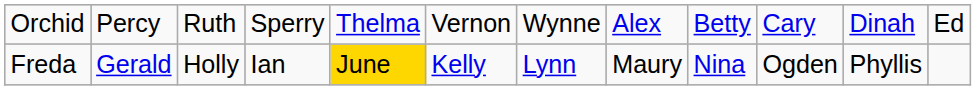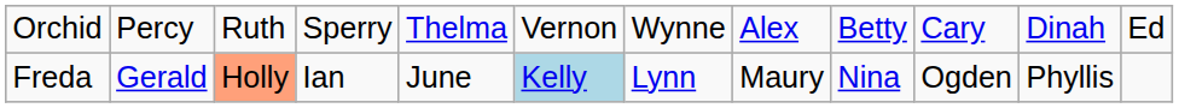 <table class="wikitable">
 <tr>
 <td>Orchid</td>
 <td>Percy</td>
 <td>Ruth</td>
 <td>Sperry</td>
 <td><a href='#'>Thelma</a></td>
 <td>Vernon</td>
 <td>Wynne</td>
 <td><a href='#'>Alex</a></td>
 <td><a href='#'>Betty</a></td>
 <td><a href='#'>Cary</a></td>
 <td><a href='#'>Dinah</a></td>
 <td>Ed</td>
 </tr>
 <tr>
 <td>Freda</td>
 <td><a href='#'>Gerald</a></td>
-<td>Holly</td>
+<td style="background: lightsalmon;">Holly</td>
 <td>Ian</td>
-<td style="background: gold;">June</td>
-<td><a href='#'>Kelly</a></td>
+<td>June</td>
+<td style="background: lightblue;"><a href='#'>Kelly</a></td>
 <td><a href='#'>Lynn</a></td>
 <td>Maury</td>
 <td><a href='#'>Nina</a></td>
 <td>Ogden</td>
 <td>Phyllis</td>
 </tr>
 </table>
